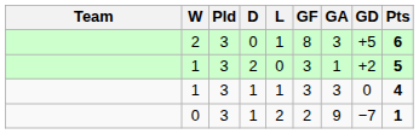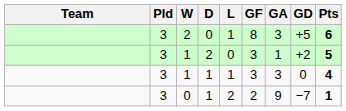 <table class="wikitable" style="text-align: center;">
 <tr>
 <th width=175>Team</th>
+<th width=20>Pld</th>
 <th width=20>W</th>
-<th width=20>Pld</th>
 <th width=20>D</th>
 <th width=20>L</th>
 <th width=20>GF</th>
 <th width=20>GA</th>
 <th width=20>GD</th>
 <th width=20>Pts</th>
 </tr>
 <tr bgcolor=#ccffcc>
 <td style="text-align:left;"></td>
+<td>3</td>
 <td>2</td>
-<td>3</td>
 <td>0</td>
 <td>1</td>
 <td>8</td>
 <td>3</td>
 <td>+5</td>
 <td><strong>6</strong></td>
 </tr>
 <tr bgcolor=#ccffcc>
 <td style="text-align:left;"></td>
+<td>3</td>
 <td>1</td>
-<td>3</td>
 <td>2</td>
 <td>0</td>
 <td>3</td>
 <td>1</td>
 <td>+2</td>
 <td><strong>5</strong></td>
 </tr>
 <tr>
 <td style="text-align:left;"></td>
+<td>3</td>
 <td>1</td>
-<td>3</td>
 <td>1</td>
 <td>1</td>
 <td>3</td>
 <td>3</td>
 <td>0</td>
 <td><strong>4</strong></td>
 </tr>
 <tr>
 <td style="text-align:left;"></td>
+<td>3</td>
 <td>0</td>
-<td>3</td>
 <td>1</td>
 <td>2</td>
 <td>2</td>
 <td>9</td>
 <td>−7</td>
 <td><strong>1</strong></td>
 </tr>
 </table>
